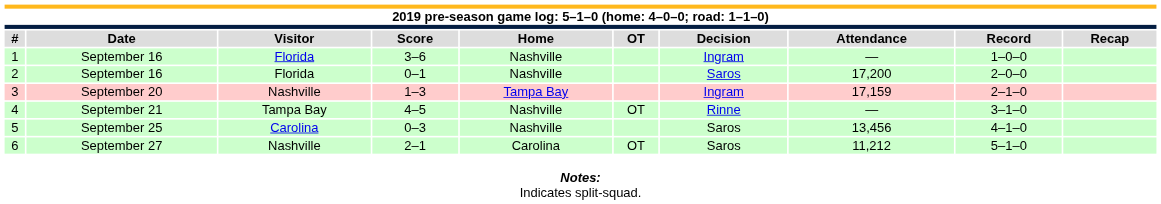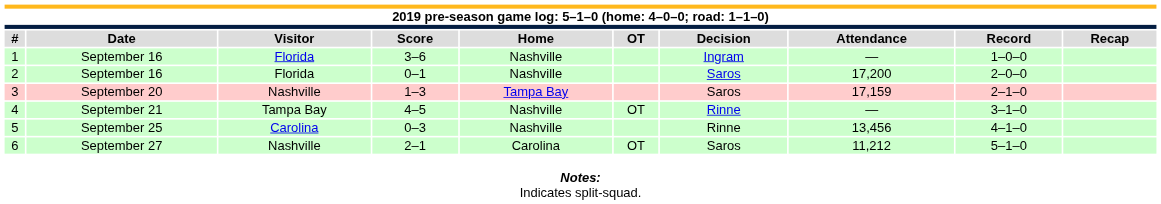 <table class="toccolours collapsible collapsed" style="width:90%; clear:both; margin:1.5em auto; text-align:center;">
 <tr>
 <th colspan="10" style="background:#FFFFFF; border-top:#FFB81C 5px solid; border-bottom:#041E42 5px solid;">2019 pre-season game log: 5–1–0 (home: 4–0–0; road: 1–1–0)</th>
 </tr>
 <tr style="background:#ddd;">
 <th>#</th>
 <th>Date</th>
 <th>Visitor</th>
 <th>Score</th>
 <th>Home</th>
 <th>OT</th>
 <th>Decision</th>
 <th>Attendance</th>
 <th>Record</th>
 <th>Recap</th>
 </tr>
 <tr style="background:#cfc;">
 <td>1</td>
 <td>September 16</td>
 <td><a href='#'>Florida</a></td>
 <td>3–6</td>
 <td>Nashville</td>
 <td></td>
 <td><a href='#'>Ingram</a></td>
 <td>—</td>
 <td>1–0–0</td>
 <td></td>
 </tr>
 <tr style="background:#cfc;">
 <td>2</td>
 <td>September 16</td>
 <td>Florida</td>
 <td>0–1</td>
 <td>Nashville</td>
 <td></td>
 <td><a href='#'>Saros</a></td>
 <td>17,200</td>
 <td>2–0–0</td>
 <td></td>
 </tr>
 <tr style="background:#fcc;">
 <td>3</td>
 <td>September 20</td>
 <td>Nashville</td>
 <td>1–3</td>
 <td><a href='#'>Tampa Bay</a></td>
 <td></td>
-<td><a href='#'>Ingram</a></td>
+<td>Saros</td>
 <td>17,159</td>
 <td>2–1–0</td>
 <td></td>
 </tr>
 <tr style="background:#cfc;">
 <td>4</td>
 <td>September 21</td>
 <td>Tampa Bay</td>
 <td>4–5</td>
 <td>Nashville</td>
 <td>OT</td>
 <td><a href='#'>Rinne</a></td>
 <td>—</td>
 <td>3–1–0</td>
 <td></td>
 </tr>
 <tr style="background:#cfc;">
 <td>5</td>
 <td>September 25</td>
 <td><a href='#'>Carolina</a></td>
 <td>0–3</td>
 <td>Nashville</td>
 <td></td>
-<td>Saros</td>
+<td>Rinne</td>
 <td>13,456</td>
 <td>4–1–0</td>
 <td></td>
 </tr>
 <tr style="background:#cfc;">
 <td>6</td>
 <td>September 27</td>
 <td>Nashville</td>
 <td>2–1</td>
 <td>Carolina</td>
 <td>OT</td>
 <td>Saros</td>
 <td>11,212</td>
 <td>5–1–0</td>
 <td></td>
 </tr>
 <tr>
 <td colspan="10" style="text-align:center;"><br><strong><em>Notes:</em></strong><br>  Indicates split-squad.</td>
 </tr>
 </table>
